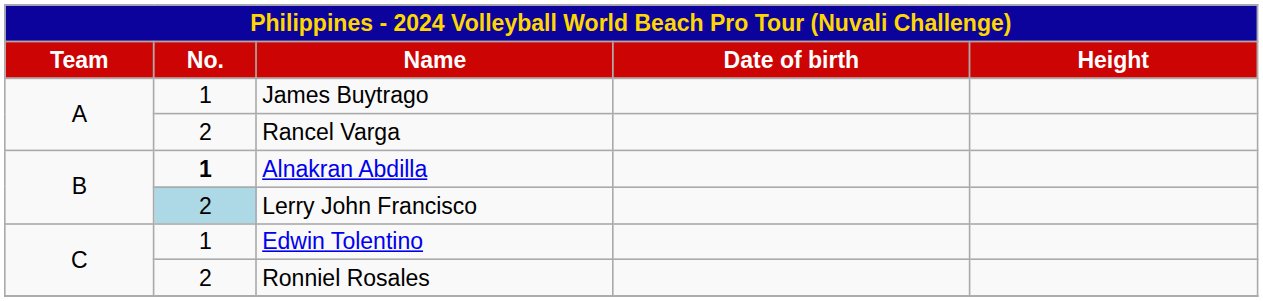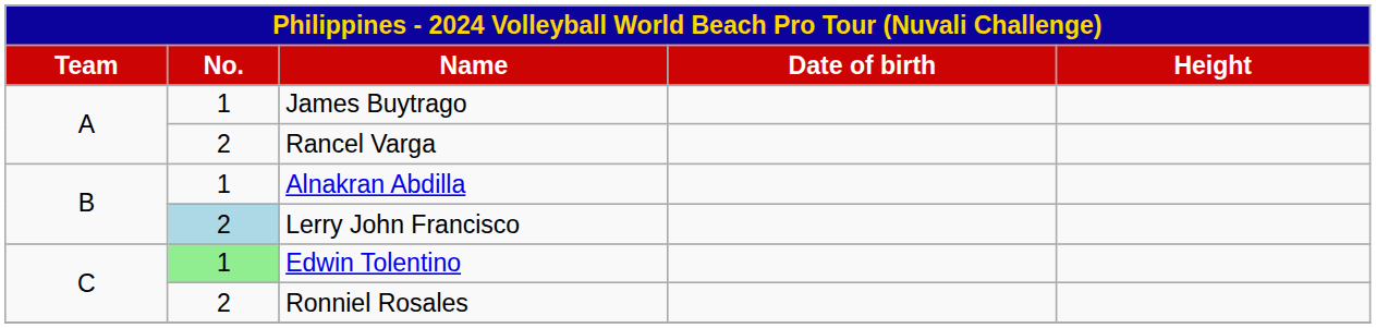 <table class="wikitable" style="font-size:90%; text-align:center;">
 <tr>
 <th colspan=6 style="background:#0C029C; color:gold">Philippines - 2024 Volleyball World Beach Pro Tour (Nuvali Challenge)</th>
 </tr>
 <tr>
 <th style="align=center; width:6em; background:#CC0404; color:white;">Team</th>
 <th style="align=center; width:4em; background:#CC0404; color:white;">No.</th>
 <th style="width:15em; background:#CC0404; color:white;">Name</th>
 <th style="width:15em; background:#CC0404; color:white;">Date of birth</th>
 <th style="width:12em; background:#CC0404; color:white;">Height</th>
 </tr>
 <tr align=center>
 <td rowspan=2>A</td>
 <td>1</td>
 <td align=left>James Buytrago</td>
 <td></td>
 <td></td>
 </tr>
 <tr align=center>
 <td>2</td>
 <td align=left>Rancel Varga</td>
 <td></td>
 <td></td>
 </tr>
 <tr align=center>
 <td rowspan=2>B</td>
-<td><strong>1</strong></td>
+<td>1</td>
 <td align=left><a href='#'>Alnakran Abdilla</a></td>
 <td></td>
 <td></td>
 </tr>
 <tr align=center>
 <td style="background: lightblue;">2</td>
 <td align=left>Lerry John Francisco</td>
 <td></td>
 <td></td>
 </tr>
 <tr align=center>
 <td rowspan=2>C</td>
-<td>1</td>
+<td style="background: lightgreen;">1</td>
 <td align=left><a href='#'>Edwin Tolentino</a></td>
 <td></td>
 <td></td>
 </tr>
 <tr align=center>
 <td>2</td>
 <td align=left>Ronniel Rosales</td>
 <td></td>
 <td></td>
 </tr>
 <tr align=center>
 </tr>
 </table>
